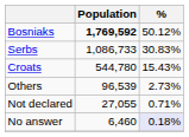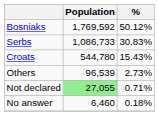 <table class="wikitable">
 <tr>
 <th></th>
 <th>Population</th>
 <th>%</th>
 </tr>
 <tr>
 <td><a href='#'>Bosniaks</a></td>
-<td align=right><strong>1,769,592</strong></td>
+<td align=right>1,769,592</td>
 <td align=right>50.12%</td>
 </tr>
 <tr>
 <td align=left><a href='#'>Serbs</a></td>
 <td align=right>1,086,733</td>
 <td align=right>30.83%</td>
 </tr>
 <tr>
 <td align=left><a href='#'>Croats</a></td>
 <td align=right>544,780</td>
 <td align=right>15.43%</td>
 </tr>
 <tr>
 <td align=left>Others</td>
 <td align=right>96,539</td>
 <td align=right>2.73%</td>
 </tr>
 <tr>
 <td align=left>Not declared</td>
-<td align=right>27,055</td>
+<td align=right style="background: lightgreen;">27,055</td>
 <td align=right>0.71%</td>
 </tr>
 <tr>
 <td align=left>No answer</td>
 <td align=right>6,460</td>
-<td align=right style="background: lavender;">0.18%</td>
+<td align=right>0.18%</td>
 </tr>
 <tr>
 </tr>
 </table>
